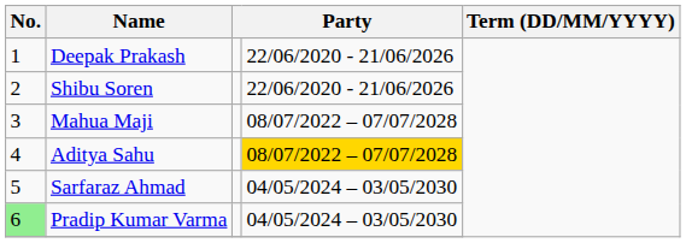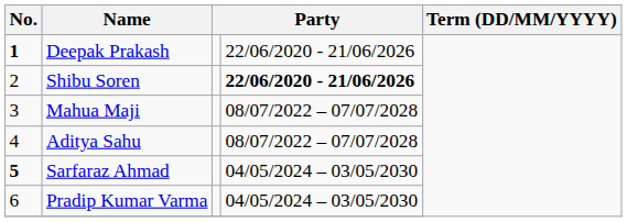 <table class="wikitable sortable">
 <tr>
 <th>No.</th>
 <th>Name</th>
 <th colspan=2>Party</th>
 <th>Term (DD/MM/YYYY)</th>
 </tr>
 <tr>
-<td>1</td>
+<td><strong>1</strong></td>
 <td><a href='#'>Deepak Prakash</a></td>
 <td></td>
 <td>22/06/2020 - 21/06/2026</td>
 </tr>
 <tr>
 <td>2</td>
 <td><a href='#'>Shibu Soren</a></td>
 <td></td>
-<td>22/06/2020 - 21/06/2026</td>
+<td><strong>22/06/2020 - 21/06/2026</strong></td>
 </tr>
 <tr>
 <td>3</td>
 <td><a href='#'>Mahua Maji</a></td>
 <td></td>
 <td scope="row" style="text-align: left;">08/07/2022 – 07/07/2028</td>
 </tr>
 <tr>
 <td>4</td>
 <td><a href='#'>Aditya Sahu</a></td>
 <td></td>
-<td style="background: gold;">08/07/2022 – 07/07/2028</td>
+<td>08/07/2022 – 07/07/2028</td>
 </tr>
 <tr>
-<td>5</td>
+<td><strong>5</strong></td>
 <td><a href='#'>Sarfaraz Ahmad</a></td>
 <td></td>
 <td>04/05/2024 – 03/05/2030</td>
 </tr>
 <tr>
-<td style="background: lightgreen;">6</td>
+<td>6</td>
 <td><a href='#'>Pradip Kumar Varma</a></td>
 <td></td>
 <td>04/05/2024 – 03/05/2030</td>
 </tr>
 <tr>
 </tr>
 </table>
